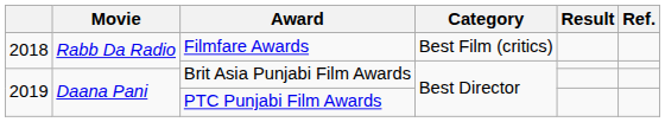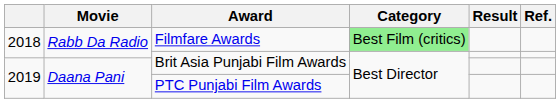 <table class="wikitable sortable">
 <tr>
 <th></th>
 <th>Movie</th>
 <th>Award</th>
 <th>Category</th>
 <th>Result</th>
 <th>Ref.</th>
 </tr>
 <tr>
 <td rowspan="2">2018</td>
 <td rowspan="2"><em><a href='#'>Rabb Da Radio</a></em></td>
 <td><a href='#'>Filmfare Awards</a></td>
-<td>Best Film (critics)</td>
+<td style="background: lightgreen;">Best Film (critics)</td>
 <td></td>
 <td></td>
 </tr>
 <tr>
 <td rowspan="2">Brit Asia Punjabi Film Awards</td>
 <td rowspan="3">Best Director</td>
 <td></td>
 <td></td>
 </tr>
 <tr>
 <td rowspan="2">2019</td>
 <td rowspan="2"><em><a href='#'>Daana Pani</a></em></td>
 <td></td>
 <td></td>
 </tr>
 <tr>
 <td><a href='#'>PTC Punjabi Film Awards</a></td>
 <td></td>
 <td></td>
 </tr>
 </table>
